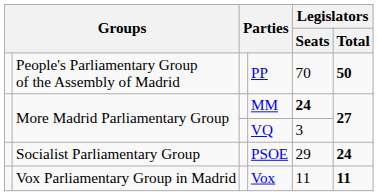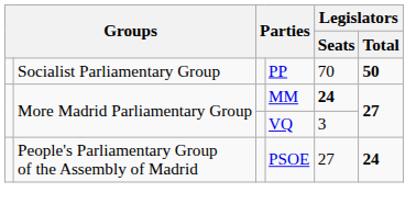 <table class="wikitable" style="text-align:left;">
 <tr>
 <th rowspan="2" colspan="2">Groups</th>
 <th rowspan="2" colspan="2">Parties</th>
 <th colspan="2">Legislators</th>
 </tr>
 <tr>
 <th>Seats</th>
 <th>Total</th>
 </tr>
 <tr>
 <td width="1" style="color:inherit;background:"></td>
-<td>People's Parliamentary Group<br>of the Assembly of Madrid</td>
+<td>Socialist Parliamentary Group</td>
 <td width="1" style="color:inherit;background:"></td>
 <td><a href='#'>PP</a></td>
 <td>70</td>
 <td><strong>50</strong></td>
 </tr>
 <tr>
 <td rowspan="2" style="color:inherit;background:"></td>
 <td rowspan="2">More Madrid Parliamentary Group</td>
 <td style="color:inherit;background:"></td>
 <td><a href='#'>MM</a></td>
 <td><strong>24</strong></td>
 <td rowspan="2"><strong>27</strong></td>
 </tr>
 <tr>
 <td style="color:inherit;background:"></td>
 <td><a href='#'>VQ</a></td>
 <td>3</td>
 </tr>
 <tr>
 <td style="color:inherit;background:"></td>
-<td>Socialist Parliamentary Group</td>
+<td>People's Parliamentary Group<br>of the Assembly of Madrid</td>
 <td style="color:inherit;background:"></td>
 <td><a href='#'>PSOE</a></td>
-<td>29</td>
+<td>27</td>
 <td><strong>24</strong></td>
 </tr>
-<tr>
-<td style="color:inherit;background:"></td>
-<td>Vox Parliamentary Group in Madrid</td>
-<td style="color:inherit;background:"></td>
-<td><a href='#'>Vox</a></td>
-<td>11</td>
-<td><strong>11</strong></td>
-</tr>
 </table>
